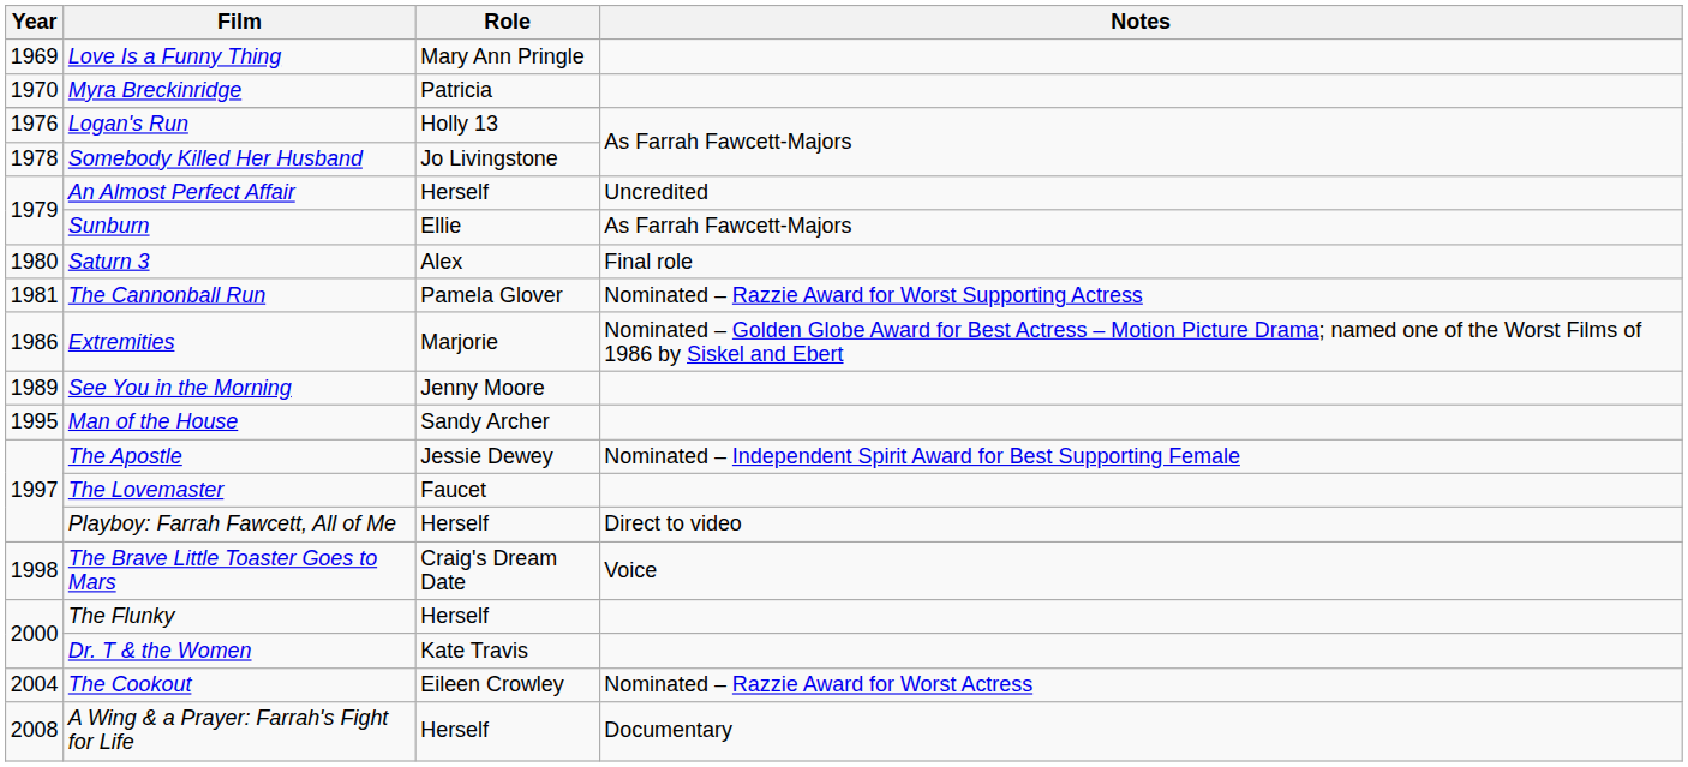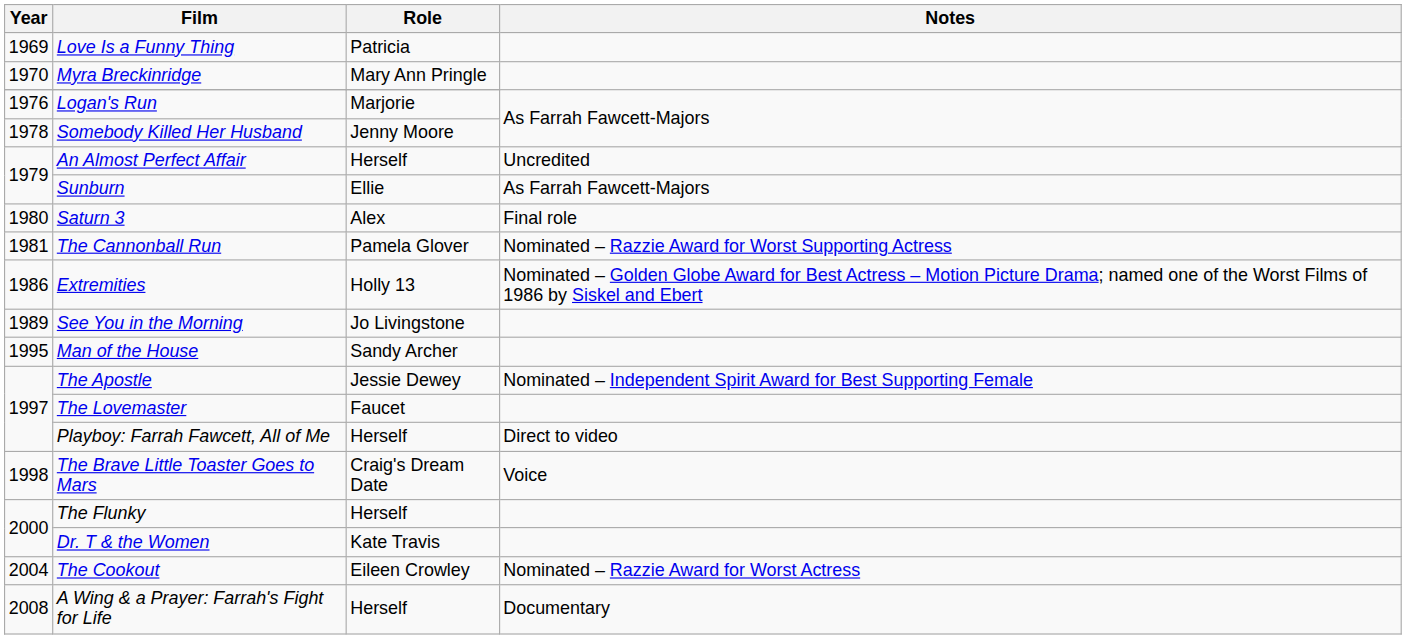 <table class="wikitable sortable">
 <tr style="text-align:center;">
 <th>Year</th>
 <th>Film</th>
 <th>Role</th>
 <th>Notes</th>
 </tr>
 <tr>
 <td>1969</td>
 <td><em><a href='#'>Love Is a Funny Thing</a></em></td>
-<td>Mary Ann Pringle</td>
+<td>Patricia</td>
 <td></td>
 </tr>
 <tr>
 <td>1970</td>
 <td><em><a href='#'>Myra Breckinridge</a></em></td>
-<td>Patricia</td>
+<td>Mary Ann Pringle</td>
 </tr>
 <tr>
 </tr>
 <tr>
 <td>1976</td>
 <td><em><a href='#'>Logan's Run</a></em></td>
-<td>Holly 13</td>
+<td>Marjorie</td>
 <td rowspan=2>As Farrah Fawcett-Majors</td>
 </tr>
 <tr>
 <td>1978</td>
 <td><em><a href='#'>Somebody Killed Her Husband</a></em></td>
-<td>Jo Livingstone</td>
+<td>Jenny Moore</td>
 </tr>
 <tr>
 <td rowspan=2>1979</td>
 <td><em><a href='#'>An Almost Perfect Affair</a></em></td>
 <td>Herself</td>
 <td>Uncredited</td>
 </tr>
 <tr>
 <td><em><a href='#'>Sunburn</a></em></td>
 <td>Ellie</td>
 <td>As Farrah Fawcett-Majors</td>
 </tr>
 <tr>
 <td>1980</td>
 <td><em><a href='#'>Saturn 3</a></em></td>
 <td>Alex</td>
 <td>Final role</td>
 </tr>
 <tr>
 <td>1981</td>
 <td><em><a href='#'>The Cannonball Run</a></em></td>
 <td>Pamela Glover</td>
 <td>Nominated – <a href='#'>Razzie Award for Worst Supporting Actress</a></td>
 </tr>
 <tr>
 <td>1986</td>
 <td><em><a href='#'>Extremities</a></em></td>
-<td>Marjorie</td>
+<td>Holly 13</td>
 <td>Nominated – <a href='#'>Golden Globe Award for Best Actress – Motion Picture Drama</a>; named one of the Worst Films of 1986 by <a href='#'>Siskel and Ebert</a> </td>
 </tr>
 <tr>
 <td>1989</td>
 <td><em><a href='#'>See You in the Morning</a></em></td>
-<td>Jenny Moore</td>
+<td>Jo Livingstone</td>
 <td></td>
 </tr>
 <tr>
 <td>1995</td>
 <td><em><a href='#'>Man of the House</a></em></td>
 <td>Sandy Archer</td>
 <td></td>
 </tr>
 <tr>
 <td rowspan=3>1997</td>
 <td><em><a href='#'>The Apostle</a></em></td>
 <td>Jessie Dewey</td>
 <td>Nominated – <a href='#'>Independent Spirit Award for Best Supporting Female</a></td>
 </tr>
 <tr>
 <td><em><a href='#'>The Lovemaster</a></em></td>
 <td>Faucet</td>
 <td></td>
 </tr>
 <tr>
 <td><em>Playboy: Farrah Fawcett, All of Me</em></td>
 <td>Herself</td>
 <td>Direct to video</td>
 </tr>
 <tr>
 <td>1998</td>
 <td><em><a href='#'>The Brave Little Toaster Goes to Mars</a></em></td>
 <td>Craig's Dream Date</td>
 <td>Voice</td>
 </tr>
 <tr>
 <td rowspan=2>2000</td>
 <td><em>The Flunky</em></td>
 <td>Herself</td>
 <td></td>
 </tr>
 <tr>
 <td><em><a href='#'>Dr. T & the Women</a></em></td>
 <td>Kate Travis</td>
 <td></td>
 </tr>
 <tr>
 <td>2004</td>
 <td><em><a href='#'>The Cookout</a></em></td>
 <td>Eileen Crowley</td>
 <td>Nominated – <a href='#'>Razzie Award for Worst Actress</a></td>
 </tr>
 <tr>
 <td>2008</td>
 <td><em>A Wing & a Prayer: Farrah's Fight for Life</em></td>
 <td>Herself</td>
 <td>Documentary</td>
 </tr>
 </table>
